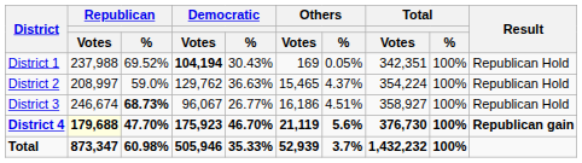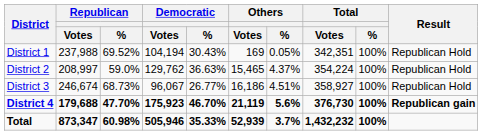 <table class="wikitable plainrowheaders sortable" style="font-size:100%; text-align:right;">
 <tr>
 <th scope=col rowspan=3><a href='#'>District</a></th>
 <th scope=col colspan=2><a href='#'>Republican</a></th>
 <th scope=col colspan=2><a href='#'>Democratic</a></th>
 <th scope=col colspan=2>Others</th>
 <th scope=col colspan=2>Total</th>
 <th scope=col rowspan=3>Result</th>
 </tr>
 <tr>
 <th scope=col colspan=2 style="background:"></th>
 <th scope=col colspan=2 style="background:"></th>
 <th scope=col colspan=2></th>
 <th scope=col colspan=2></th>
 </tr>
 <tr>
 <th scope=col data-sort-type="number">Votes</th>
 <th scope=col data-sort-type="number">%</th>
 <th scope=col data-sort-type="number">Votes</th>
 <th scope=col data-sort-type="number">%</th>
 <th scope=col data-sort-type="number">Votes</th>
 <th scope=col data-sort-type="number">%</th>
 <th scope=col data-sort-type="number">Votes</th>
 <th scope=col data-sort-type="number">%</th>
 </tr>
 <tr>
 <td align=left><a href='#'>District 1</a></td>
 <td>237,988</td>
 <td>69.52%</td>
-<td><strong>104,194</strong></td>
+<td>104,194</td>
 <td>30.43%</td>
 <td>169</td>
 <td>0.05%</td>
 <td>342,351</td>
 <td>100%</td>
 <td align=left>Republican Hold</td>
 </tr>
 <tr>
 <td align=left><a href='#'>District 2</a></td>
 <td>208,997</td>
 <td>59.0%</td>
 <td>129,762</td>
 <td>36.63%</td>
 <td>15,465</td>
 <td>4.37%</td>
 <td>354,224</td>
 <td>100%</td>
 <td align=left>Republican Hold</td>
 </tr>
 <tr>
 <td align=left><a href='#'>District 3</a></td>
 <td>246,674</td>
-<td><strong>68.73%</strong></td>
+<td>68.73%</td>
 <td>96,067</td>
 <td>26.77%</td>
 <td>16,186</td>
 <td>4.51%</td>
 <td>358,927</td>
 <td>100%</td>
 <td align=left>Republican Hold</td>
 </tr>
 <tr>
 <td align=left><strong><a href='#'>District 4</a></strong></td>
-<td style="background: lightyellow;"><strong>179,688</strong></td>
+<td><strong>179,688</strong></td>
 <td><strong>47.70%</strong></td>
 <td><strong>175,923</strong></td>
 <td><strong>46.70%</strong></td>
 <td><strong>21,119</strong></td>
 <td><strong>5.6%</strong></td>
 <td><strong>376,730</strong></td>
 <td><strong>100%</strong></td>
 <td align=left><strong>Republican gain</strong></td>
 </tr>
 <tr class="sortbottom" style="font-weight:bold">
 <td align=left>Total</td>
 <td><strong>873,347</strong></td>
 <td><strong>60.98%</strong></td>
 <td><strong>505,946</strong></td>
 <td><strong>35.33%</strong></td>
 <td><strong>52,939</strong></td>
 <td>3.7%</td>
 <td><strong>1,432,232</strong></td>
 <td><strong>100%</strong></td>
 <td></td>
 </tr>
 </table>
